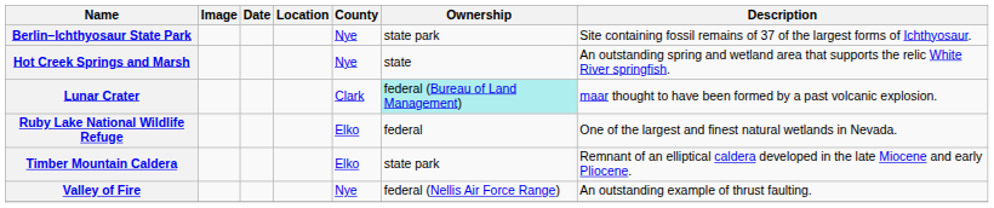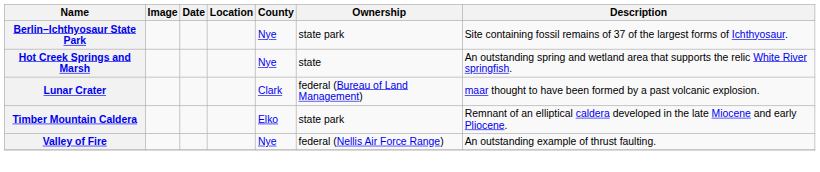 <table class="wikitable sortable" align="center">
 <tr>
 <th style="background-color:">Name</th>
 <th style="background-color:">Image</th>
 <th style="background-color:">Date</th>
 <th style="background-color:">Location</th>
 <th style="background-color:">County</th>
 <th style="background-color:">Ownership</th>
 <th style="background-color:">Description</th>
 </tr>
 <tr>
 <th><a href='#'>Berlin–Ichthyosaur State Park</a></th>
 <td></td>
 <td></td>
 <td></td>
 <td><a href='#'>Nye</a></td>
 <td>state park</td>
 <td>Site containing fossil remains of 37 of the largest forms of <a href='#'>Ichthyosaur</a>.</td>
 </tr>
 <tr>
 <th><a href='#'>Hot Creek Springs and Marsh</a></th>
 <td></td>
 <td></td>
 <td></td>
 <td><a href='#'>Nye</a></td>
 <td>state</td>
 <td>An outstanding spring and wetland area that supports the relic <a href='#'>White River springfish</a>.</td>
 </tr>
 <tr>
 <th><a href='#'>Lunar Crater</a></th>
 <td></td>
 <td></td>
 <td></td>
 <td><a href='#'>Clark</a></td>
-<td style="background: paleturquoise;">federal (<a href='#'>Bureau of Land Management</a>)</td>
+<td>federal (<a href='#'>Bureau of Land Management</a>)</td>
 <td> <a href='#'>maar</a> thought to have been formed by a past volcanic explosion.</td>
-</tr>
-<tr>
-<th><a href='#'>Ruby Lake National Wildlife Refuge</a></th>
-<td></td>
-<td></td>
-<td></td>
-<td><a href='#'>Elko</a></td>
-<td>federal</td>
-<td>One of the largest and finest natural wetlands in Nevada.</td>
 </tr>
 <tr>
 <th><a href='#'>Timber Mountain Caldera</a></th>
 <td></td>
 <td></td>
 <td></td>
 <td><a href='#'>Elko</a></td>
 <td>state park</td>
 <td>Remnant of an elliptical <a href='#'>caldera</a> developed in the late <a href='#'>Miocene</a> and early <a href='#'>Pliocene</a>.</td>
 </tr>
 <tr>
 <th><a href='#'>Valley of Fire</a></th>
 <td></td>
 <td></td>
 <td></td>
 <td><a href='#'>Nye</a></td>
 <td>federal (<a href='#'>Nellis Air Force Range</a>)</td>
 <td>An outstanding example of thrust faulting.</td>
 </tr>
 <tr>
 </tr>
 </table>
